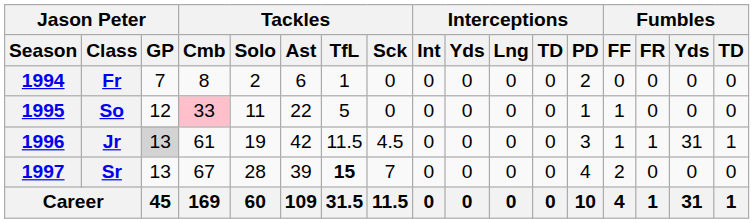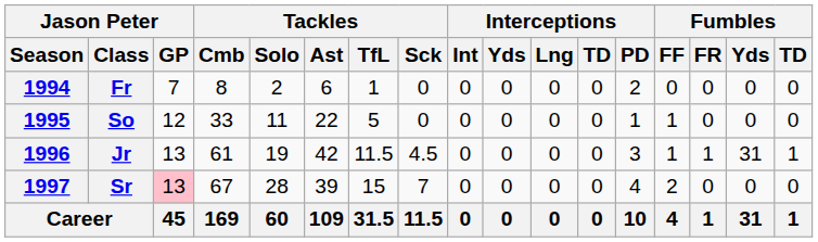 <table class=wikitable style="text-align:center;">
 <tr>
 <th colspan="3">Jason Peter</th>
 <th colspan="5">Tackles</th>
 <th colspan="5">Interceptions</th>
 <th colspan="4">Fumbles</th>
 </tr>
 <tr>
 <th>Season</th>
 <th>Class</th>
 <th>GP</th>
 <th>Cmb</th>
 <th>Solo</th>
 <th>Ast</th>
 <th>TfL</th>
 <th>Sck</th>
 <th>Int</th>
 <th>Yds</th>
 <th>Lng</th>
 <th>TD</th>
 <th>PD</th>
 <th>FF</th>
 <th>FR</th>
 <th>Yds</th>
 <th>TD</th>
 </tr>
 <tr>
 <th><a href='#'>1994</a></th>
 <th><a href='#'>Fr</a></th>
 <td>7</td>
 <td>8</td>
 <td>2</td>
 <td>6</td>
 <td>1</td>
 <td>0</td>
 <td>0</td>
 <td>0</td>
 <td>0</td>
 <td>0</td>
 <td>2</td>
 <td>0</td>
 <td>0</td>
 <td>0</td>
 <td>0</td>
 </tr>
 <tr>
 <th><a href='#'>1995</a></th>
 <th><a href='#'>So</a></th>
 <td>12</td>
-<td style="background: pink;">33</td>
+<td>33</td>
 <td>11</td>
 <td>22</td>
 <td>5</td>
 <td>0</td>
 <td>0</td>
 <td>0</td>
 <td>0</td>
 <td>0</td>
 <td>1</td>
 <td>1</td>
 <td>0</td>
 <td>0</td>
 <td>0</td>
 </tr>
 <tr>
 <th><a href='#'>1996</a></th>
 <th><a href='#'>Jr</a></th>
-<td style="background: lightgrey;">13</td>
+<td>13</td>
 <td>61</td>
 <td>19</td>
 <td>42</td>
 <td>11.5</td>
 <td>4.5</td>
 <td>0</td>
 <td>0</td>
 <td>0</td>
 <td>0</td>
 <td>3</td>
 <td>1</td>
 <td>1</td>
 <td>31</td>
 <td>1</td>
 </tr>
 <tr>
 <th><a href='#'>1997</a></th>
 <th><a href='#'>Sr</a></th>
-<td>13</td>
+<td style="background: pink;">13</td>
 <td>67</td>
 <td>28</td>
 <td>39</td>
-<td><strong>15</strong></td>
+<td>15</td>
 <td>7</td>
 <td>0</td>
 <td>0</td>
 <td>0</td>
 <td>0</td>
 <td>4</td>
 <td>2</td>
 <td>0</td>
 <td>0</td>
 <td>0</td>
 </tr>
 <tr>
 <th colspan="2">Career</th>
 <th>45</th>
 <th>169</th>
 <th>60</th>
 <th>109</th>
 <th>31.5</th>
 <th>11.5</th>
 <th>0</th>
 <th>0</th>
 <th>0</th>
 <th>0</th>
 <th>10</th>
 <th>4</th>
 <th>1</th>
 <th>31</th>
 <th>1</th>
 </tr>
 </table>
